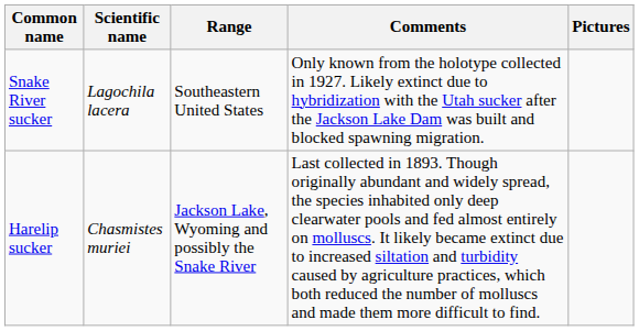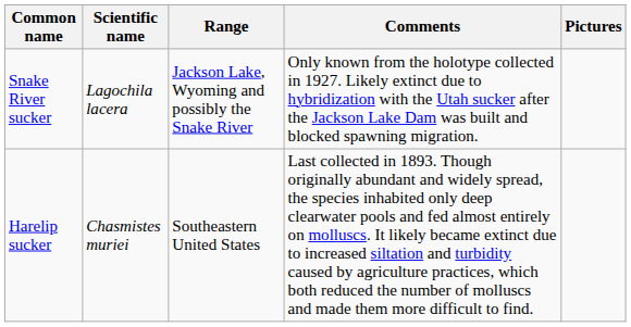 <table class="wikitable">
 <tr>
 <th>Common name</th>
 <th>Scientific name</th>
 <th>Range</th>
 <th class="unsortable">Comments</th>
 <th>Pictures</th>
 </tr>
 <tr>
 <td><a href='#'>Snake River sucker</a></td>
 <td><em>Lagochila lacera</em></td>
-<td>Southeastern United States</td>
+<td><a href='#'>Jackson Lake</a>, Wyoming and possibly the <a href='#'>Snake River</a></td>
 <td>Only known from the holotype collected in 1927. Likely extinct due to <a href='#'>hybridization</a> with the <a href='#'>Utah sucker</a> after the <a href='#'>Jackson Lake Dam</a> was built and blocked spawning migration.</td>
 </tr>
 <tr>
 <td><a href='#'>Harelip sucker</a></td>
 <td><em>Chasmistes muriei</em></td>
-<td><a href='#'>Jackson Lake</a>, Wyoming and possibly the <a href='#'>Snake River</a></td>
+<td>Southeastern United States</td>
 <td>Last collected in 1893. Though originally abundant and widely spread, the species inhabited only deep clearwater pools and fed almost entirely on <a href='#'>molluscs</a>. It likely became extinct due to increased <a href='#'>siltation</a> and <a href='#'>turbidity</a> caused by agriculture practices, which both reduced the number of molluscs and made them more difficult to find.</td>
 <td></td>
 </tr>
 </table>
